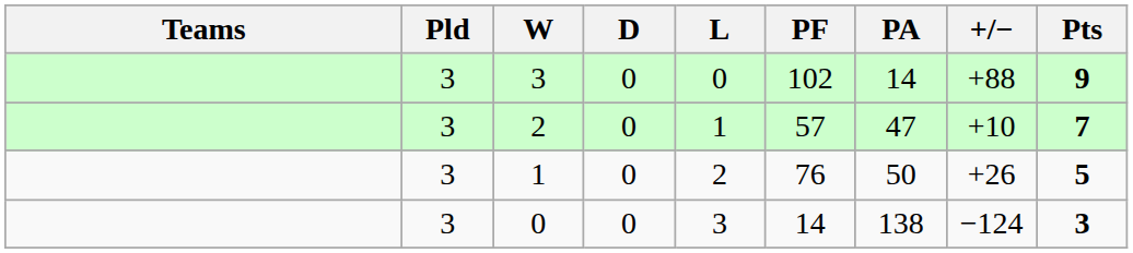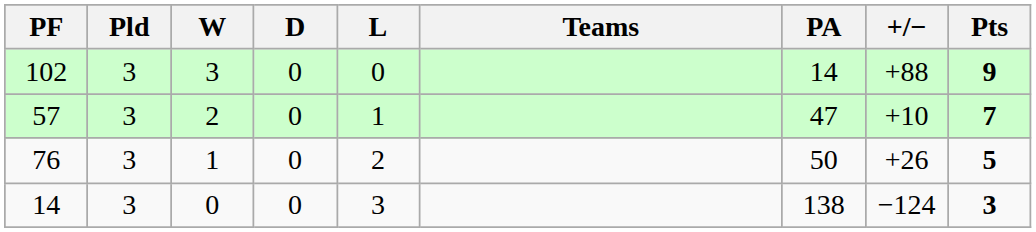 <table class="wikitable" style="text-align: center;">
 <tr>
-<th width="200">Teams</th>
+<th width="40">PF</th>
 <th width="40">Pld</th>
 <th width="40">W</th>
 <th width="40">D</th>
 <th width="40">L</th>
-<th width="40">PF</th>
+<th width="200">Teams</th>
 <th width="40">PA</th>
 <th width="40">+/−</th>
 <th width="40">Pts</th>
 </tr>
 <tr style="background:#ccffcc;">
-<td align=left></td>
+<td>102</td>
 <td>3</td>
 <td>3</td>
 <td>0</td>
 <td>0</td>
-<td>102</td>
+<td align=left></td>
 <td>14</td>
 <td>+88</td>
 <td><strong>9</strong></td>
 </tr>
 <tr style="background:#ccffcc;">
-<td align=left></td>
+<td>57</td>
 <td>3</td>
 <td>2</td>
 <td>0</td>
 <td>1</td>
-<td>57</td>
+<td align=left></td>
 <td>47</td>
 <td>+10</td>
 <td><strong>7</strong></td>
 </tr>
 <tr>
-<td align=left></td>
+<td>76</td>
 <td>3</td>
 <td>1</td>
 <td>0</td>
 <td>2</td>
-<td>76</td>
+<td align=left></td>
 <td>50</td>
 <td>+26</td>
 <td><strong>5</strong></td>
 </tr>
 <tr>
-<td align=left></td>
+<td>14</td>
 <td>3</td>
 <td>0</td>
 <td>0</td>
 <td>3</td>
-<td>14</td>
+<td align=left></td>
 <td>138</td>
 <td>−124</td>
 <td><strong>3</strong></td>
 </tr>
 </table>
